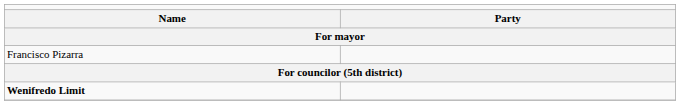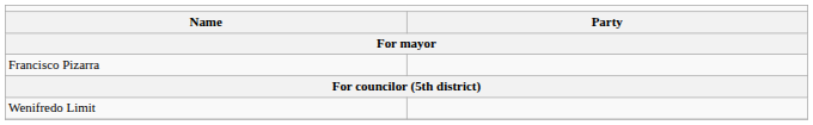 <table class=wikitable style="font-size:90%; width:100%">
 <tr>
 <td colspan=4 bgcolor=></td>
 </tr>
 <tr>
 <th width=50%>Name</th>
 <th colspan=2>Party</th>
 </tr>
 <tr>
 <th colspan=3>For mayor</th>
 </tr>
 <tr>
 <td>Francisco Pizarra</td>
 <td></td>
 </tr>
 <tr>
 <th colspan=3>For councilor (5th district)</th>
 </tr>
 <tr>
-<td><strong>Wenifredo Limit</strong></td>
+<td>Wenifredo Limit</td>
 <td></td>
 </tr>
 <tr>
 </tr>
 </table>
